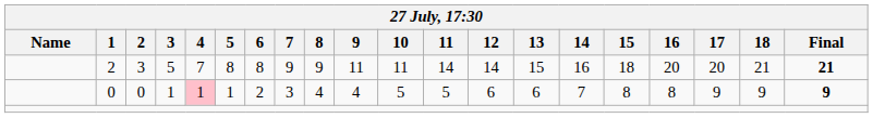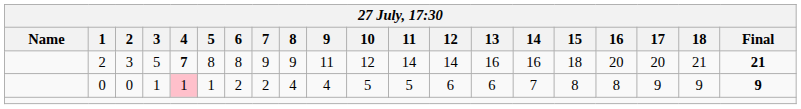 <table class=wikitable style="text-align:center; width: 55%">
 <tr>
 <th colspan=20><em>27 July, 17:30</em></th>
 </tr>
 <tr>
 <th>Name</th>
 <th>1</th>
 <th>2</th>
 <th>3</th>
 <th>4</th>
 <th>5</th>
 <th>6</th>
 <th>7</th>
 <th>8</th>
 <th>9</th>
 <th>10</th>
 <th>11</th>
 <th>12</th>
 <th>13</th>
 <th>14</th>
 <th>15</th>
 <th>16</th>
 <th>17</th>
 <th>18</th>
 <th>Final</th>
 </tr>
 <tr>
 <td align=left><strong></strong></td>
 <td>2</td>
 <td>3</td>
 <td>5</td>
-<td>7</td>
+<td><strong>7</strong></td>
 <td>8</td>
 <td>8</td>
 <td>9</td>
 <td>9</td>
 <td>11</td>
-<td>11</td>
+<td>12</td>
 <td>14</td>
 <td>14</td>
-<td>15</td>
+<td>16</td>
 <td>16</td>
 <td>18</td>
 <td>20</td>
 <td>20</td>
 <td>21</td>
 <td><strong>21</strong></td>
 </tr>
 <tr>
 <td align=left></td>
 <td>0</td>
 <td>0</td>
 <td>1</td>
 <td style="background: pink;">1</td>
 <td>1</td>
 <td>2</td>
-<td>3</td>
+<td>2</td>
 <td>4</td>
 <td>4</td>
 <td>5</td>
 <td>5</td>
 <td>6</td>
 <td>6</td>
 <td>7</td>
 <td>8</td>
 <td>8</td>
 <td>9</td>
 <td>9</td>
 <td><strong>9</strong></td>
 </tr>
 <tr>
 <td colspan=20></td>
 </tr>
 </table>
